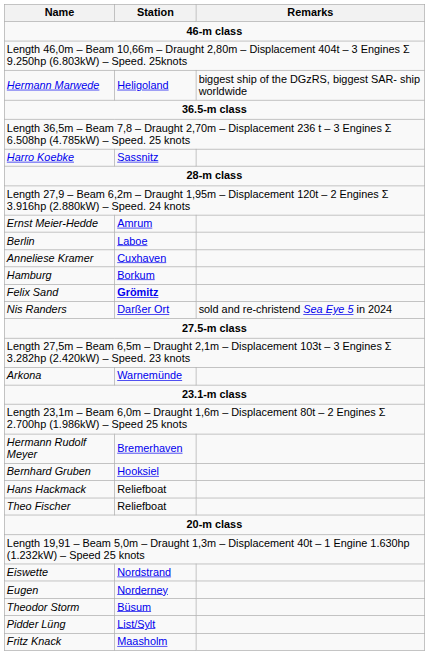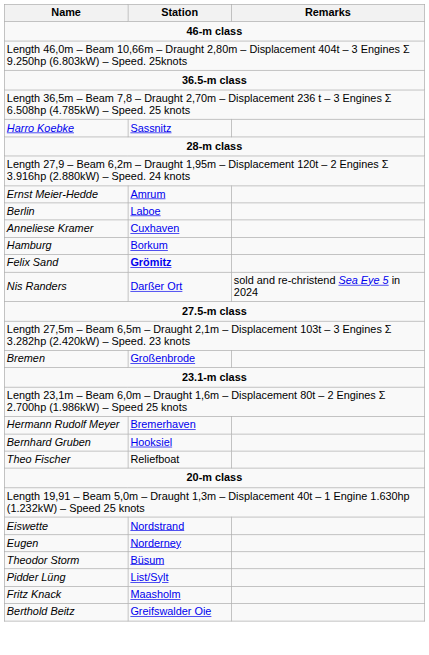 <table class="wikitable" width="70%">
 <tr>
 <th><strong>Name</strong></th>
 <th><strong>Station</strong></th>
 <th><strong>Remarks</strong></th>
 </tr>
 <tr>
 <td colspan="3" style="background color:#cfcfcf; text-align:center; padding:0.3em"><strong>46-m class</strong></td>
 </tr>
 <tr>
 <td colspan="3">Length 46,0m – Beam 10,66m – Draught 2,80m – Displacement 404t – 3 Engines Σ 9.250hp (6.803kW) – Speed. 25knots</td>
-</tr>
-<tr>
-<td><em><a href='#'>Hermann Marwede</a></em></td>
-<td><a href='#'>Heligoland</a></td>
-<td>biggest ship of the DGzRS, biggest SAR- ship worldwide</td>
 </tr>
 <tr>
 <td colspan="3" style="background color:#cfcfcf; text-align:center; padding:0.3em"><strong>36.5-m class</strong></td>
 </tr>
 <tr>
 <td colspan="3">Length 36,5m – Beam 7,8 – Draught 2,70m – Displacement 236 t – 3 Engines Σ 6.508hp (4.785kW) – Speed. 25 knots</td>
 </tr>
 <tr>
 <td><em><a href='#'>Harro Koebke</a></em></td>
 <td><a href='#'>Sassnitz</a></td>
 <td></td>
 </tr>
 <tr>
 <td colspan="3" style="background color:#cfcfcf; text-align:center; padding:0.3em"><strong>28-m class</strong></td>
 </tr>
 <tr>
 <td colspan="3">Length 27,9 – Beam 6,2m – Draught 1,95m – Displacement 120t – 2 Engines Σ 3.916hp (2.880kW) – Speed. 24 knots</td>
 </tr>
 <tr>
 <td><em>Ernst Meier-Hedde</em></td>
 <td><a href='#'>Amrum</a></td>
 <td></td>
 </tr>
 <tr>
 <td><em>Berlin</em></td>
 <td><a href='#'>Laboe</a></td>
 <td></td>
 </tr>
 <tr>
 <td><em>Anneliese Kramer</em></td>
 <td><a href='#'>Cuxhaven</a></td>
 <td></td>
 </tr>
 <tr>
 <td><em>Hamburg</em></td>
 <td><a href='#'>Borkum</a></td>
 <td></td>
 </tr>
 <tr>
 <td><em>Felix Sand</em></td>
 <td><strong><a href='#'>Grömitz</a></strong></td>
 <td></td>
 </tr>
 <tr>
 <td><em>Nis Randers</em></td>
 <td><a href='#'>Darßer Ort</a></td>
 <td>sold and re-christend <a href='#'><em>Sea Eye 5</em></a> in 2024</td>
 </tr>
 <tr>
 <td colspan="3" style="background color:#cfcfcf; text-align:center; padding:0.3em"><strong>27.5-m class</strong></td>
 </tr>
 <tr>
 <td colspan="3">Length 27,5m – Beam 6,5m – Draught 2,1m – Displacement 103t – 3 Engines Σ 3.282hp (2.420kW) – Speed. 23 knots</td>
 </tr>
 <tr>
-<td><em>Arkona</em></td>
-<td><a href='#'>Warnemünde</a></td>
+<td><em>Bremen</em></td>
+<td><a href='#'>Großenbrode</a></td>
 <td></td>
 </tr>
 <tr>
 <td colspan="3" style="background color:#cfcfcf; text-align:center; padding:0.3em"><strong>23.1-m class</strong></td>
 </tr>
 <tr>
 <td colspan="3">Length 23,1m – Beam 6,0m – Draught 1,6m – Displacement 80t – 2 Engines Σ 2.700hp (1.986kW) – Speed 25 knots</td>
 </tr>
 <tr>
 <td><em>Hermann Rudolf Meyer</em></td>
 <td><a href='#'>Bremerhaven</a></td>
 <td></td>
 </tr>
 <tr>
 <td><em>Bernhard Gruben</em></td>
 <td><a href='#'>Hooksiel</a></td>
-<td></td>
-</tr>
-<tr>
-<td><em>Hans Hackmack</em></td>
-<td>Reliefboat</td>
 <td></td>
 </tr>
 <tr>
 <td><em>Theo Fischer</em></td>
 <td>Reliefboat</td>
 <td></td>
 </tr>
 <tr>
 <td colspan="3" style="background color:#cfcfcf; text-align:center; padding:0.3em"><strong>20-m class</strong></td>
 </tr>
 <tr>
 <td colspan="3">Length 19,91 – Beam 5,0m – Draught 1,3m – Displacement 40t – 1 Engine  1.630hp (1.232kW) – Speed 25 knots</td>
 </tr>
 <tr>
 <td><em>Eiswette</em></td>
 <td><a href='#'>Nordstrand</a></td>
 <td></td>
 </tr>
 <tr>
 <td><em>Eugen</em></td>
 <td><a href='#'>Norderney</a></td>
 <td></td>
 </tr>
 <tr>
 <td><em>Theodor Storm</em></td>
 <td><a href='#'>Büsum</a></td>
 <td></td>
 </tr>
 <tr>
 <td><em>Pidder Lüng</em></td>
 <td><a href='#'>List/Sylt</a></td>
 <td></td>
 </tr>
 <tr>
 <td><em>Fritz Knack</em></td>
 <td><a href='#'>Maasholm</a></td>
 <td></td>
 </tr>
+<tr>
+<td><em>Berthold Beitz</em></td>
+<td><a href='#'>Greifswalder Oie</a></td>
+<td></td>
+</tr>
 </table>
